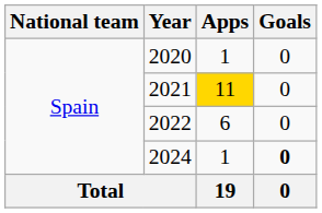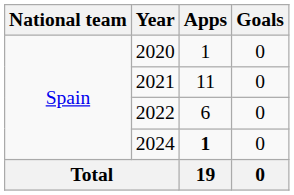 <table class="wikitable" style="text-align:center">
 <tr>
 <th>National team</th>
 <th>Year</th>
 <th>Apps</th>
 <th>Goals</th>
 </tr>
 <tr>
 <td rowspan="4"><a href='#'>Spain</a></td>
 <td>2020</td>
 <td>1</td>
 <td>0</td>
 </tr>
 <tr>
 <td>2021</td>
-<td style="background: gold;">11</td>
+<td>11</td>
 <td>0</td>
 </tr>
 <tr>
 <td>2022</td>
 <td>6</td>
 <td>0</td>
 </tr>
 <tr>
 <td>2024</td>
-<td>1</td>
-<td><strong>0</strong></td>
+<td><strong>1</strong></td>
+<td>0</td>
 </tr>
 <tr>
 <th colspan="2">Total</th>
 <th>19</th>
 <th>0</th>
 </tr>
 </table>
